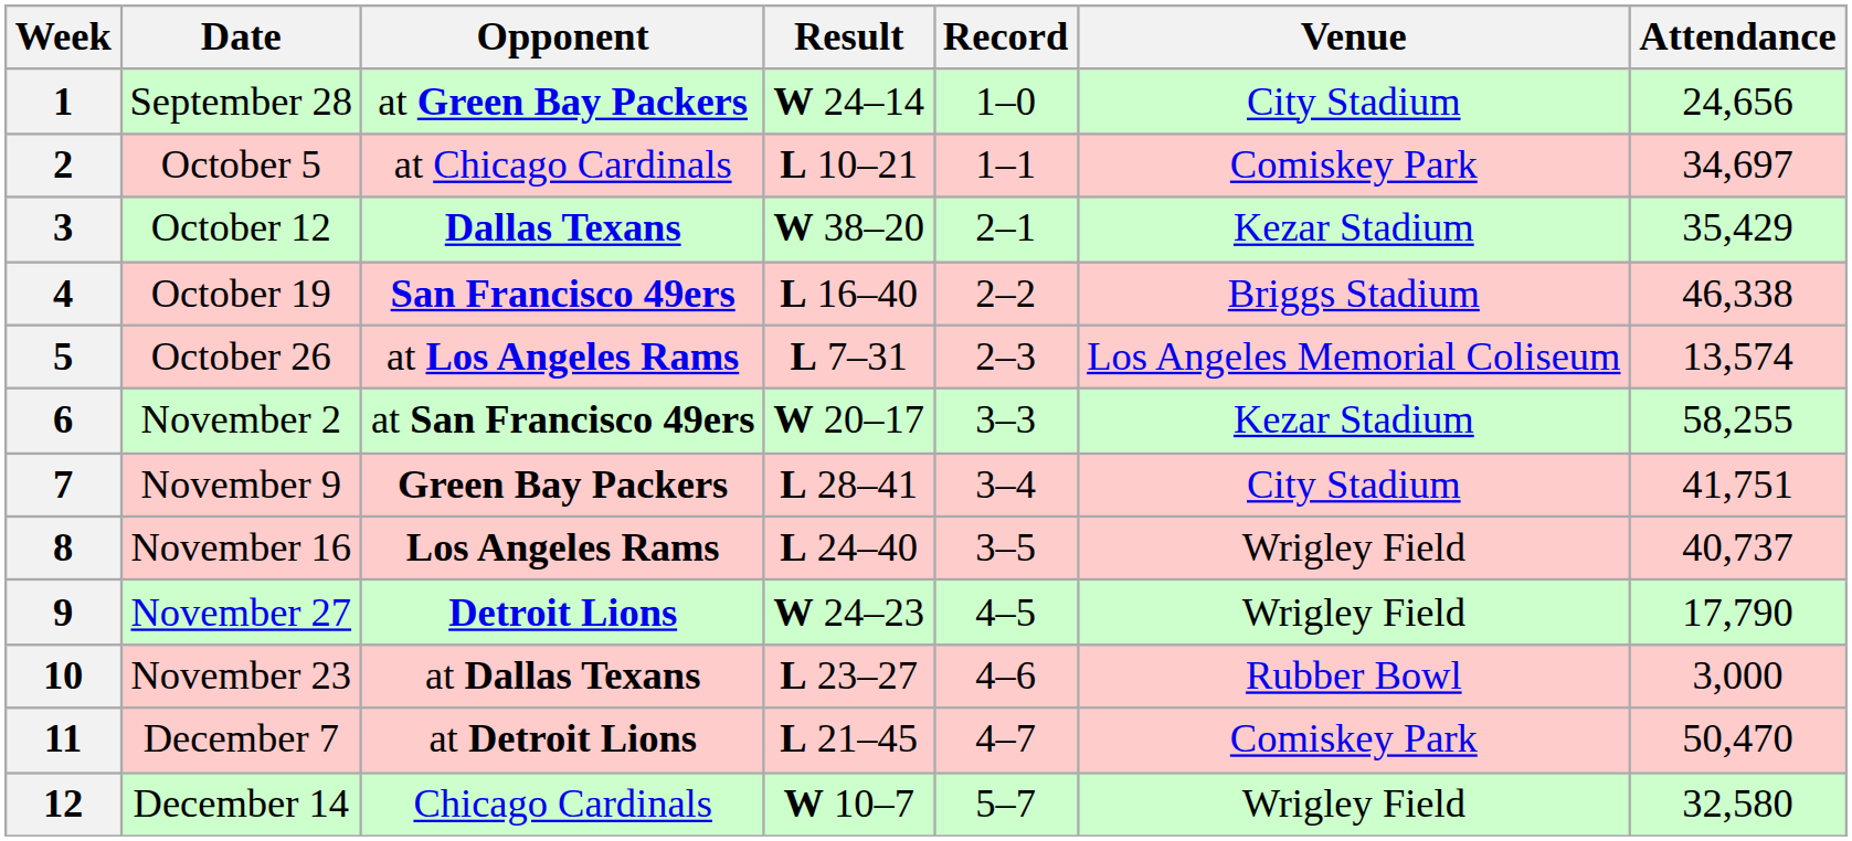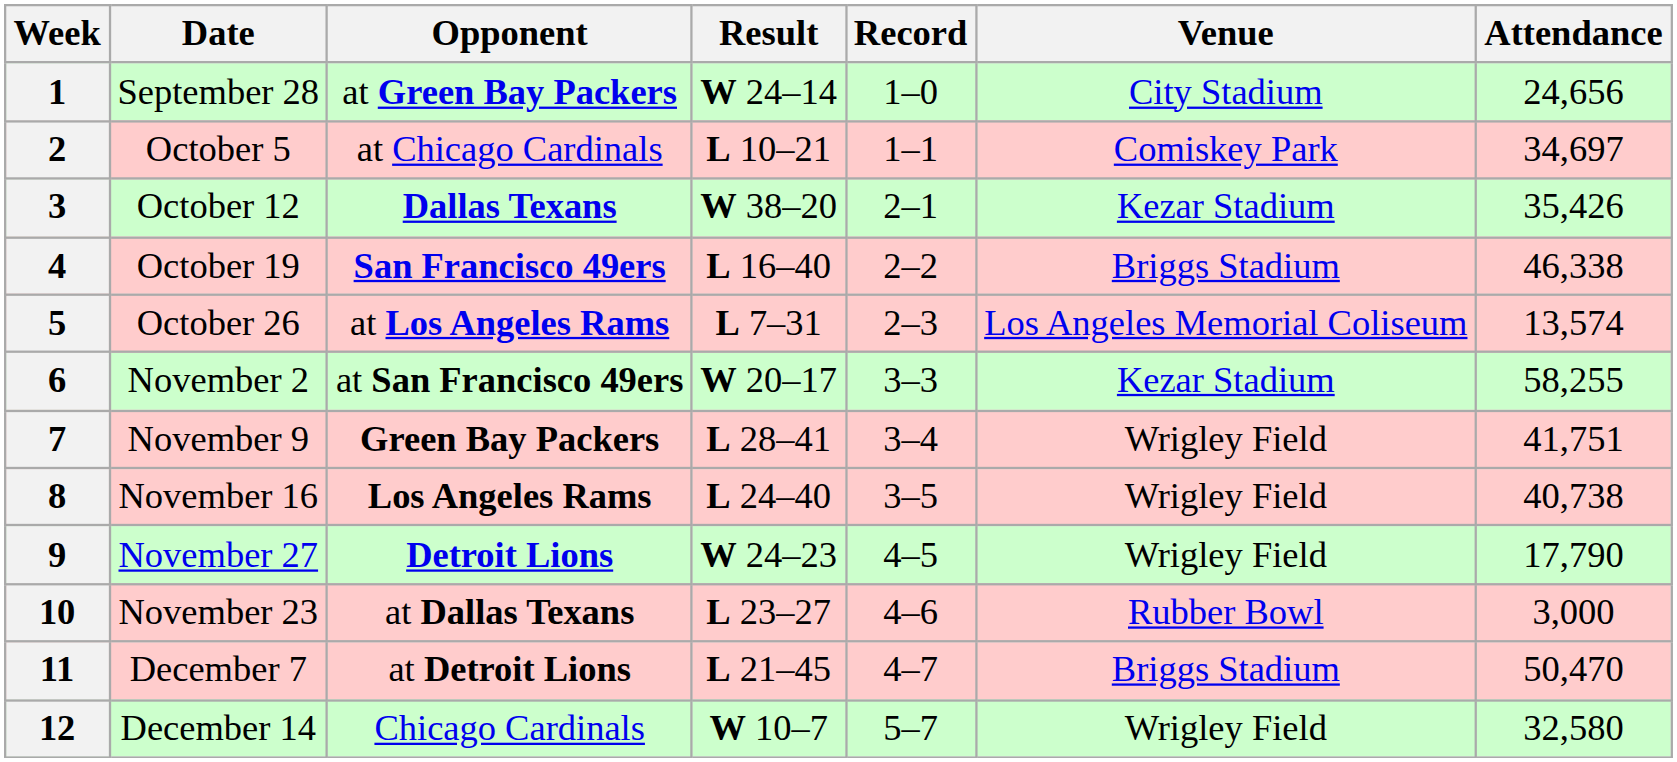 <table class="wikitable" style="text-align:center">
 <tr>
 <th>Week</th>
 <th>Date</th>
 <th>Opponent</th>
 <th>Result</th>
 <th>Record</th>
 <th>Venue</th>
 <th>Attendance</th>
 </tr>
 <tr style="background:#cfc">
 <th>1</th>
 <td>September 28</td>
 <td>at <strong><a href='#'>Green Bay Packers</a></strong></td>
 <td><strong>W</strong> 24–14</td>
 <td>1–0</td>
 <td><a href='#'>City Stadium</a></td>
 <td>24,656</td>
 </tr>
 <tr style="background:#fcc">
 <th>2</th>
 <td>October 5</td>
 <td>at <a href='#'>Chicago Cardinals</a></td>
 <td><strong>L</strong> 10–21</td>
 <td>1–1</td>
 <td><a href='#'>Comiskey Park</a></td>
 <td>34,697</td>
 </tr>
 <tr style="background:#cfc">
 <th>3</th>
 <td>October 12</td>
 <td><strong><a href='#'>Dallas Texans</a></strong></td>
 <td><strong>W</strong> 38–20</td>
 <td>2–1</td>
 <td><a href='#'>Kezar Stadium</a></td>
-<td>35,429</td>
+<td>35,426</td>
 </tr>
 <tr style="background:#fcc">
 <th>4</th>
 <td>October 19</td>
 <td><strong><a href='#'>San Francisco 49ers</a></strong></td>
 <td><strong>L</strong> 16–40</td>
 <td>2–2</td>
 <td><a href='#'>Briggs Stadium</a></td>
 <td>46,338</td>
 </tr>
 <tr style="background:#fcc">
 <th>5</th>
 <td>October 26</td>
 <td>at <strong><a href='#'>Los Angeles Rams</a></strong></td>
 <td><strong>L</strong> 7–31</td>
 <td>2–3</td>
 <td><a href='#'>Los Angeles Memorial Coliseum</a></td>
 <td>13,574</td>
 </tr>
 <tr style="background:#cfc">
 <th>6</th>
 <td>November 2</td>
 <td>at <strong>San Francisco 49ers</strong></td>
 <td><strong>W</strong> 20–17</td>
 <td>3–3</td>
 <td><a href='#'>Kezar Stadium</a></td>
 <td>58,255</td>
 </tr>
 <tr style="background:#fcc">
 <th>7</th>
 <td>November 9</td>
 <td><strong>Green Bay Packers</strong></td>
 <td><strong>L</strong> 28–41</td>
 <td>3–4</td>
-<td><a href='#'>City Stadium</a></td>
+<td>Wrigley Field</td>
 <td>41,751</td>
 </tr>
 <tr style="background:#fcc">
 <th>8</th>
 <td>November 16</td>
 <td><strong>Los Angeles Rams</strong></td>
 <td><strong>L</strong> 24–40</td>
 <td>3–5</td>
 <td>Wrigley Field</td>
-<td>40,737</td>
+<td>40,738</td>
 </tr>
 <tr style="background:#cfc">
 <th>9</th>
 <td><a href='#'>November 27</a></td>
 <td><strong><a href='#'>Detroit Lions</a></strong></td>
 <td><strong>W</strong> 24–23</td>
 <td>4–5</td>
 <td>Wrigley Field</td>
 <td>17,790</td>
 </tr>
 <tr style="background:#fcc">
 <th>10</th>
 <td>November 23</td>
 <td>at <strong>Dallas Texans</strong></td>
 <td><strong>L</strong> 23–27</td>
 <td>4–6</td>
 <td><a href='#'>Rubber Bowl</a></td>
 <td>3,000</td>
 </tr>
 <tr style="background:#fcc">
 <th>11</th>
 <td>December 7</td>
 <td>at <strong>Detroit Lions</strong></td>
 <td><strong>L</strong> 21–45</td>
 <td>4–7</td>
-<td><a href='#'>Comiskey Park</a></td>
+<td><a href='#'>Briggs Stadium</a></td>
 <td>50,470</td>
 </tr>
 <tr style="background:#cfc">
 <th>12</th>
 <td>December 14</td>
 <td><a href='#'>Chicago Cardinals</a></td>
 <td><strong>W</strong> 10–7</td>
 <td>5–7</td>
 <td>Wrigley Field</td>
 <td>32,580</td>
 </tr>
 </table>
